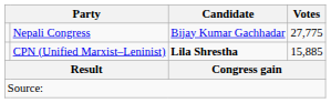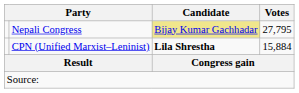 <table class="wikitable">
 <tr>
 <th colspan="2">Party</th>
 <th>Candidate</th>
 <th>Votes</th>
 </tr>
 <tr>
 <td style="background-color:"></td>
 <td><a href='#'>Nepali Congress</a></td>
-<td><a href='#'>Bijay Kumar Gachhadar</a></td>
-<td>27,775</td>
+<td style="background: khaki;"><a href='#'>Bijay Kumar Gachhadar</a></td>
+<td>27,795</td>
 </tr>
 <tr>
 <td style="background-color:"></td>
 <td><a href='#'>CPN (Unified Marxist–Leninist)</a></td>
 <td><strong>Lila Shrestha</strong></td>
-<td>15,885</td>
+<td>15,884</td>
 </tr>
 <tr>
 <th colspan="2">Result</th>
 <th colspan="2">Congress gain</th>
 </tr>
 <tr>
 <td colspan="4">Source: </td>
 </tr>
 </table>
